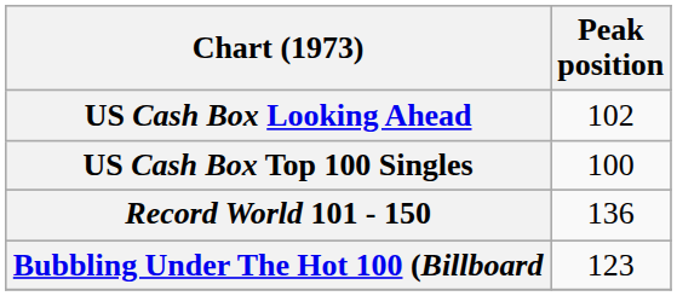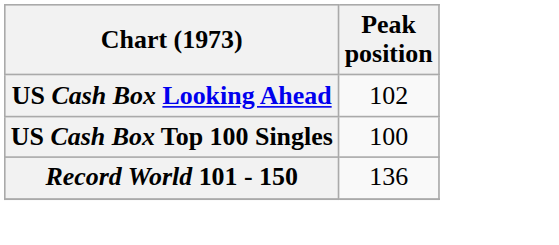 <table class="wikitable plainrowheaders sortable">
 <tr>
 <th>Chart (1973)</th>
 <th>Peak<br>position</th>
 </tr>
 <tr>
 <th scope="row">US <em>Cash Box</em> <a href='#'>Looking Ahead</a></th>
 <td align="center">102</td>
 </tr>
 <tr>
 <th scope="row">US <em>Cash Box</em> Top 100 Singles</th>
 <td align="center">100</td>
 </tr>
 <tr>
 <th scope="row"><em>Record World </em>101 - 150</th>
 <td align="center">136</td>
 </tr>
 <tr>
-<th scope="row"><a href='#'>Bubbling Under The Hot 100</a> (<em>Billboard</em></th>
-<td align="center">123</td>
-</tr>
-<tr>
 </tr>
 </table>
